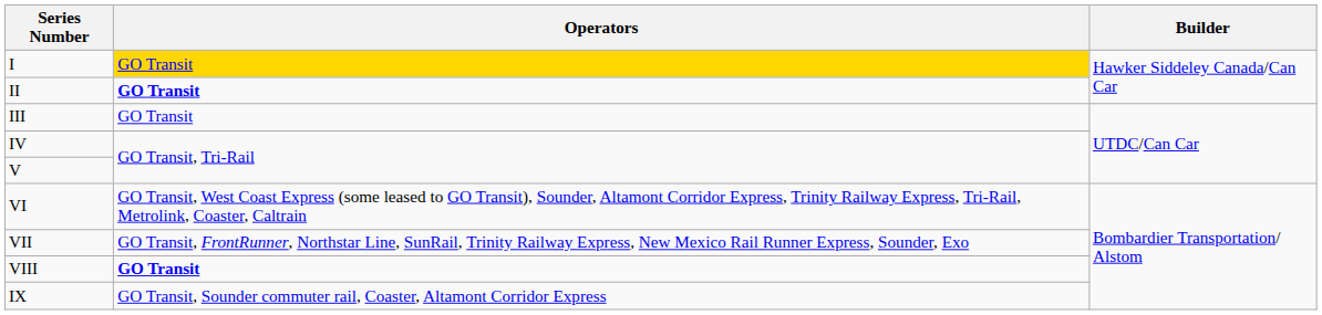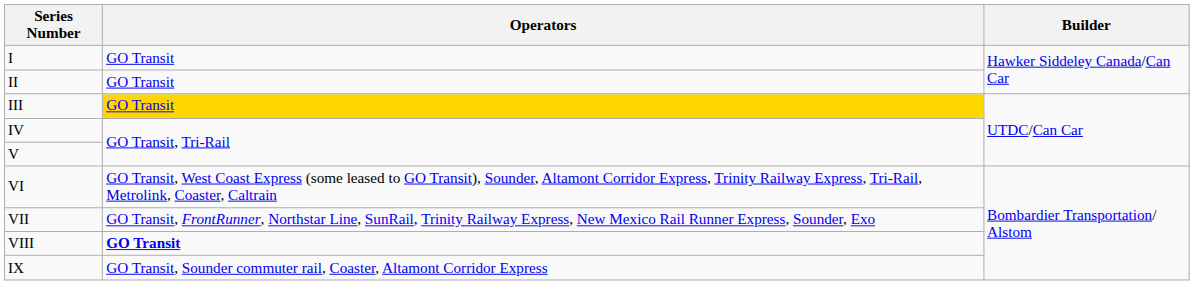 <table class="wikitable">
 <tr>
 <th>Series Number</th>
 <th>Operators</th>
 <th>Builder</th>
 </tr>
 <tr>
 <td>I</td>
-<td style="background: gold;"><a href='#'>GO Transit</a></td>
+<td><a href='#'>GO Transit</a></td>
 <td rowspan="2"><a href='#'>Hawker Siddeley Canada</a>/<wbr><a href='#'>Can Car</a></td>
 </tr>
 <tr>
 <td>II</td>
-<td><strong><a href='#'>GO Transit</a></strong></td>
+<td><a href='#'>GO Transit</a></td>
 </tr>
 <tr>
 <td>III</td>
-<td><a href='#'>GO Transit</a></td>
+<td style="background: gold;"><a href='#'>GO Transit</a></td>
 <td rowspan="3"><a href='#'>UTDC</a>/<a href='#'>Can Car</a></td>
 </tr>
 <tr>
 <td>IV</td>
 <td rowspan="2"><a href='#'>GO Transit</a>, <a href='#'>Tri-Rail</a></td>
 </tr>
 <tr>
 <td>V</td>
 </tr>
 <tr>
 <td>VI</td>
 <td><a href='#'>GO Transit</a>, <a href='#'>West Coast Express</a> (some leased to <a href='#'>GO Transit</a>), <a href='#'>Sounder</a>, <a href='#'>Altamont Corridor Express</a>, <a href='#'>Trinity Railway Express</a>, <a href='#'>Tri-Rail</a>, <a href='#'>Metrolink</a>, <a href='#'>Coaster</a>, <a href='#'>Caltrain</a></td>
 <td rowspan="4"><a href='#'>Bombardier Transportation</a>/<wbr><a href='#'>Alstom</a></td>
 </tr>
 <tr>
 <td>VII</td>
 <td><a href='#'>GO Transit</a>, <em><a href='#'>FrontRunner</a></em>, <a href='#'>Northstar Line</a>, <a href='#'>SunRail</a>, <a href='#'>Trinity Railway Express</a>, <a href='#'>New Mexico Rail Runner Express</a>, <a href='#'>Sounder</a>, <a href='#'>Exo</a></td>
 </tr>
 <tr>
 <td>VIII</td>
 <td><strong><a href='#'>GO Transit</a></strong></td>
 </tr>
 <tr>
 <td>IX</td>
 <td><a href='#'>GO Transit</a>, <a href='#'>Sounder commuter rail</a>, <a href='#'>Coaster</a>, <a href='#'>Altamont Corridor Express</a></td>
 </tr>
 </table>
